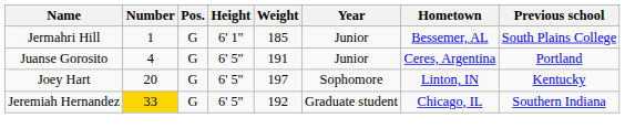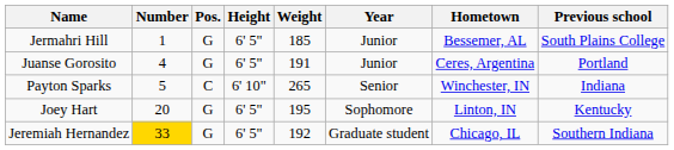 <table class="wikitable sortable" style="text-align:center">
 <tr align=center>
 <th>Name</th>
 <th>Number</th>
 <th>Pos.</th>
 <th>Height</th>
 <th>Weight</th>
 <th>Year</th>
 <th>Hometown</th>
 <th class="unsortable">Previous school</th>
 </tr>
 <tr>
 <td>Jermahri Hill</td>
 <td>1</td>
 <td>G</td>
-<td>6' 1"</td>
+<td>6' 5"</td>
 <td>185</td>
 <td>Junior</td>
 <td><a href='#'>Bessemer, AL</a></td>
 <td><a href='#'>South Plains College</a></td>
 </tr>
 <tr>
 <td>Juanse Gorosito</td>
 <td>4</td>
 <td>G</td>
 <td>6' 5"</td>
 <td>191</td>
 <td>Junior</td>
 <td><a href='#'>Ceres, Argentina</a></td>
 <td><a href='#'>Portland</a></td>
 </tr>
 <tr>
+<td>Payton Sparks</td>
+<td>5</td>
+<td>C</td>
+<td>6' 10"</td>
+<td>265</td>
+<td>Senior</td>
+<td><a href='#'>Winchester, IN</a></td>
+<td><a href='#'>Indiana</a></td>
+</tr>
+<tr>
 <td>Joey Hart</td>
 <td>20</td>
 <td>G</td>
 <td>6' 5"</td>
-<td>197</td>
+<td>195</td>
 <td>Sophomore</td>
 <td><a href='#'>Linton, IN</a></td>
 <td><a href='#'>Kentucky</a></td>
 </tr>
 <tr>
 <td>Jeremiah Hernandez</td>
 <td style="background: gold;">33</td>
 <td>G</td>
 <td>6' 5"</td>
 <td>192</td>
 <td>Graduate student</td>
 <td><a href='#'>Chicago, IL</a></td>
 <td><a href='#'>Southern Indiana</a></td>
 </tr>
 </table>
